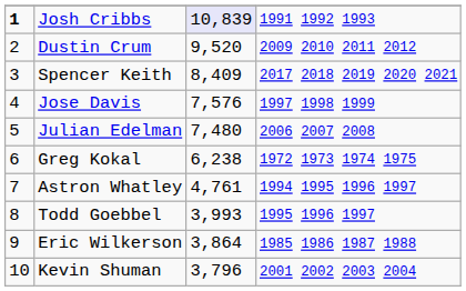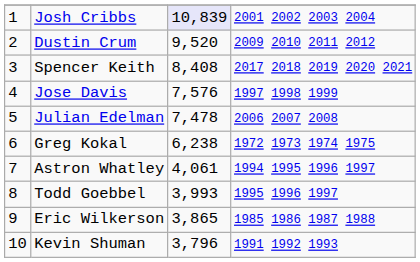 <table class="wikitable" style="display:inline-table;">
 <tr>
 </tr>
 <tr>
-<td><strong>1</strong></td>
+<td>1</td>
 <td><a href='#'>Josh Cribbs</a></td>
 <td style="background: lavender;"><abbr>10,839</abbr></td>
-<td style="font-size:80%;"><a href='#'>1991</a> <a href='#'>1992</a> <a href='#'>1993</a></td>
+<td style="font-size:80%;"><a href='#'>2001</a> <a href='#'>2002</a> <a href='#'>2003</a> <a href='#'>2004</a></td>
 </tr>
 <tr>
 <td>2</td>
 <td><a href='#'>Dustin Crum</a></td>
 <td><abbr>9,520</abbr></td>
 <td style="font-size:80%;"><a href='#'>2009</a> <a href='#'>2010</a> <a href='#'>2011</a> <a href='#'>2012</a></td>
 </tr>
 <tr>
 <td>3</td>
 <td>Spencer Keith</td>
-<td><abbr>8,409</abbr></td>
+<td><abbr>8,408</abbr></td>
 <td style="font-size:80%;"><a href='#'>2017</a> <a href='#'>2018</a> <a href='#'>2019</a> <a href='#'>2020</a> <a href='#'>2021</a></td>
 </tr>
 <tr>
 <td>4</td>
 <td><a href='#'>Jose Davis</a></td>
 <td><abbr>7,576</abbr></td>
 <td style="font-size:80%;"><a href='#'>1997</a> <a href='#'>1998</a> <a href='#'>1999</a></td>
 </tr>
 <tr>
 <td>5</td>
 <td><a href='#'>Julian Edelman</a></td>
-<td><abbr>7,480</abbr></td>
+<td><abbr>7,478</abbr></td>
 <td style="font-size:80%;"><a href='#'>2006</a> <a href='#'>2007</a> <a href='#'>2008</a></td>
 </tr>
 <tr>
 <td>6</td>
 <td>Greg Kokal</td>
 <td><abbr>6,238</abbr></td>
 <td style="font-size:80%;"><a href='#'>1972</a> <a href='#'>1973</a> <a href='#'>1974</a> <a href='#'>1975</a></td>
 </tr>
 <tr>
 <td>7</td>
 <td>Astron Whatley</td>
-<td><abbr>4,761</abbr></td>
+<td><abbr>4,061</abbr></td>
 <td style="font-size:80%;"><a href='#'>1994</a> <a href='#'>1995</a> <a href='#'>1996</a> <a href='#'>1997</a></td>
 </tr>
 <tr>
 <td>8</td>
 <td>Todd Goebbel</td>
 <td><abbr>3,993</abbr></td>
 <td style="font-size:80%;"><a href='#'>1995</a> <a href='#'>1996</a> <a href='#'>1997</a></td>
 </tr>
 <tr>
 <td>9</td>
 <td>Eric Wilkerson</td>
-<td><abbr>3,864</abbr></td>
+<td><abbr>3,865</abbr></td>
 <td style="font-size:80%;"><a href='#'>1985</a> <a href='#'>1986</a> <a href='#'>1987</a> <a href='#'>1988</a></td>
 </tr>
 <tr>
 <td>10</td>
 <td>Kevin Shuman</td>
 <td><abbr>3,796</abbr></td>
-<td style="font-size:80%;"><a href='#'>2001</a> <a href='#'>2002</a> <a href='#'>2003</a> <a href='#'>2004</a></td>
+<td style="font-size:80%;"><a href='#'>1991</a> <a href='#'>1992</a> <a href='#'>1993</a></td>
 </tr>
 </table>
